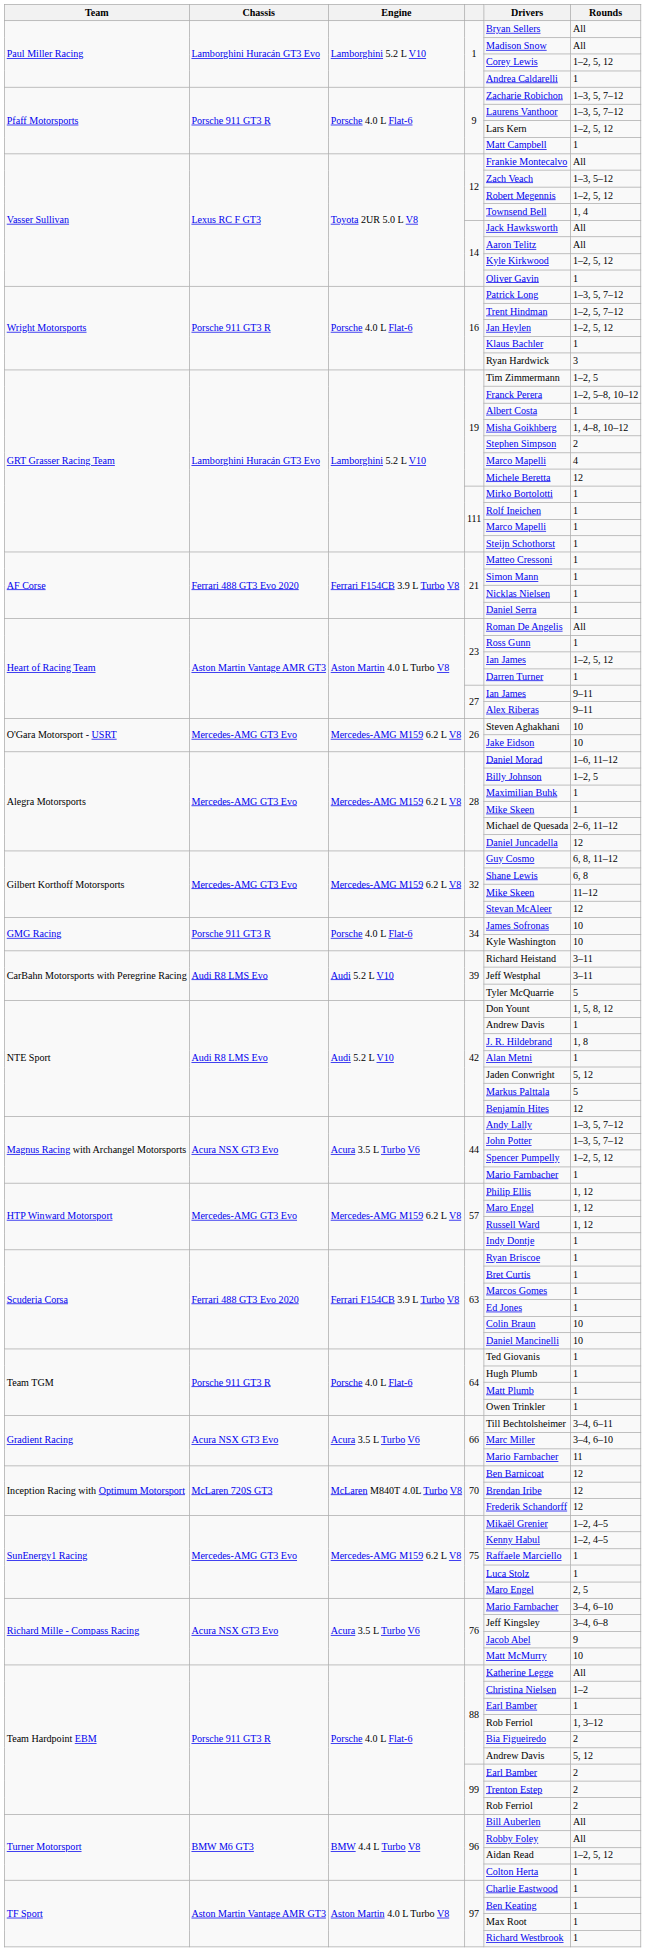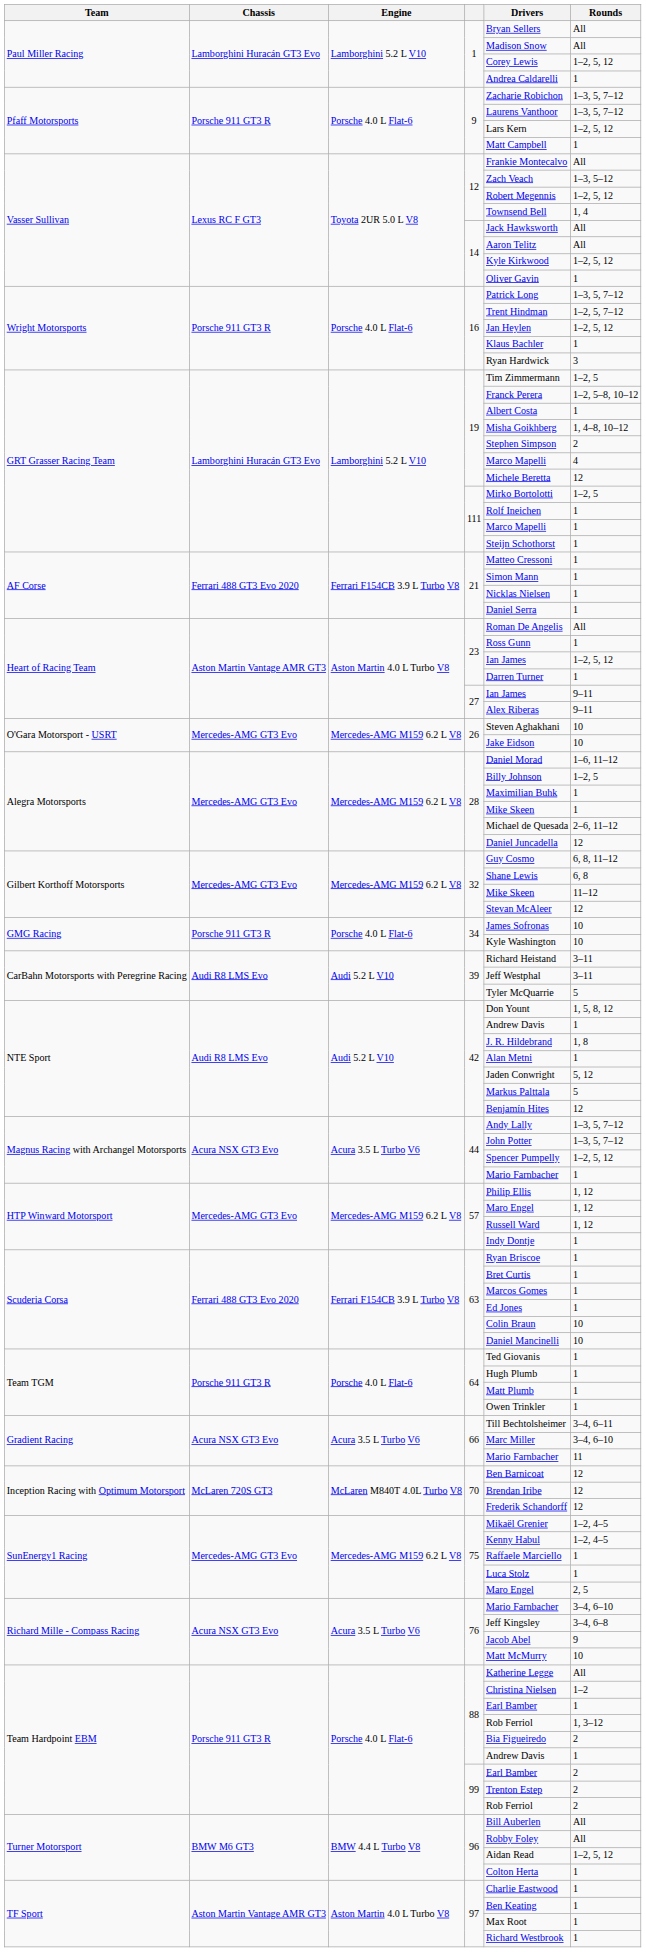 <table class="wikitable" style="font-size: 85%">
 <tr>
 <th>Team</th>
 <th>Chassis</th>
 <th>Engine</th>
 <th></th>
 <th>Drivers</th>
 <th>Rounds</th>
 </tr>
 <tr>
 <td rowspan="4"> <a href='#'>Paul Miller Racing</a></td>
 <td rowspan="4"><a href='#'>Lamborghini Huracán GT3 Evo</a></td>
 <td rowspan="4"><a href='#'>Lamborghini</a> 5.2 L <a href='#'>V10</a></td>
 <td rowspan=4 align="center">1</td>
 <td> <a href='#'>Bryan Sellers</a></td>
 <td>All</td>
 </tr>
 <tr>
 <td> <a href='#'>Madison Snow</a></td>
 <td>All</td>
 </tr>
 <tr>
 <td> <a href='#'>Corey Lewis</a></td>
 <td>1–2, 5, 12</td>
 </tr>
 <tr>
 <td> <a href='#'>Andrea Caldarelli</a></td>
 <td>1</td>
 </tr>
 <tr>
 <td rowspan="4"> <a href='#'>Pfaff Motorsports</a></td>
 <td rowspan="4"><a href='#'>Porsche 911 GT3 R</a></td>
 <td rowspan="4"><a href='#'>Porsche</a> 4.0 L <a href='#'>Flat-6</a></td>
 <td rowspan=4 align="center">9</td>
 <td> <a href='#'>Zacharie Robichon</a></td>
 <td>1–3, 5, 7–12</td>
 </tr>
 <tr>
 <td> <a href='#'>Laurens Vanthoor</a></td>
 <td>1–3, 5, 7–12</td>
 </tr>
 <tr>
 <td> Lars Kern</td>
 <td>1–2, 5, 12</td>
 </tr>
 <tr>
 <td> <a href='#'>Matt Campbell</a></td>
 <td>1</td>
 </tr>
 <tr>
 <td rowspan="8"> <a href='#'>Vasser Sullivan</a></td>
 <td rowspan="8"><a href='#'>Lexus RC F GT3</a></td>
 <td rowspan="8"><a href='#'>Toyota</a> 2UR 5.0 L <a href='#'>V8</a></td>
 <td rowspan=4 align="center">12</td>
 <td> <a href='#'>Frankie Montecalvo</a></td>
 <td>All</td>
 </tr>
 <tr>
 <td> <a href='#'>Zach Veach</a></td>
 <td>1–3, 5–12</td>
 </tr>
 <tr>
 <td> <a href='#'>Robert Megennis</a></td>
 <td>1–2, 5, 12</td>
 </tr>
 <tr>
 <td> <a href='#'>Townsend Bell</a></td>
 <td>1, 4</td>
 </tr>
 <tr>
 <td rowspan=4 align="center">14</td>
 <td> <a href='#'>Jack Hawksworth</a></td>
 <td>All</td>
 </tr>
 <tr>
 <td> <a href='#'>Aaron Telitz</a></td>
 <td>All</td>
 </tr>
 <tr>
 <td> <a href='#'>Kyle Kirkwood</a></td>
 <td>1–2, 5, 12</td>
 </tr>
 <tr>
 <td> <a href='#'>Oliver Gavin</a></td>
 <td>1</td>
 </tr>
 <tr>
 <td rowspan="5"> <a href='#'>Wright Motorsports</a></td>
 <td rowspan="5"><a href='#'>Porsche 911 GT3 R</a></td>
 <td rowspan="5"><a href='#'>Porsche</a> 4.0 L <a href='#'>Flat-6</a></td>
 <td rowspan=5 align="center">16</td>
 <td> <a href='#'>Patrick Long</a></td>
 <td>1–3, 5, 7–12</td>
 </tr>
 <tr>
 <td> <a href='#'>Trent Hindman</a></td>
 <td>1–2, 5, 7–12</td>
 </tr>
 <tr>
 <td> <a href='#'>Jan Heylen</a></td>
 <td>1–2, 5, 12</td>
 </tr>
 <tr>
 <td> <a href='#'>Klaus Bachler</a></td>
 <td>1</td>
 </tr>
 <tr>
 <td> Ryan Hardwick</td>
 <td>3</td>
 </tr>
 <tr>
 <td rowspan="11"> <a href='#'>GRT Grasser Racing Team</a></td>
 <td rowspan="11"><a href='#'>Lamborghini Huracán GT3 Evo</a></td>
 <td rowspan="11"><a href='#'>Lamborghini</a> 5.2 L <a href='#'>V10</a></td>
 <td rowspan=7 align="center">19</td>
 <td> Tim Zimmermann</td>
 <td>1–2, 5</td>
 </tr>
 <tr>
 <td> <a href='#'>Franck Perera</a></td>
 <td>1–2, 5–8, 10–12</td>
 </tr>
 <tr>
 <td> <a href='#'>Albert Costa</a></td>
 <td>1</td>
 </tr>
 <tr>
 <td> <a href='#'>Misha Goikhberg</a></td>
 <td>1, 4–8, 10–12</td>
 </tr>
 <tr>
 <td> <a href='#'>Stephen Simpson</a></td>
 <td>2</td>
 </tr>
 <tr>
 <td> <a href='#'>Marco Mapelli</a></td>
 <td>4</td>
 </tr>
 <tr>
 <td> <a href='#'>Michele Beretta</a></td>
 <td>12</td>
 </tr>
 <tr>
 <td rowspan="4" align="center">111</td>
 <td> <a href='#'>Mirko Bortolotti</a></td>
-<td>1</td>
+<td>1–2, 5</td>
 </tr>
 <tr>
 <td> <a href='#'>Rolf Ineichen</a></td>
 <td>1</td>
 </tr>
 <tr>
 <td> <a href='#'>Marco Mapelli</a></td>
 <td>1</td>
 </tr>
 <tr>
 <td> <a href='#'>Steijn Schothorst</a></td>
 <td>1</td>
 </tr>
 <tr>
 <td rowspan="4"> <a href='#'>AF Corse</a></td>
 <td rowspan="4"><a href='#'>Ferrari 488 GT3 Evo 2020</a></td>
 <td rowspan="4"><a href='#'>Ferrari F154CB</a> 3.9 L <a href='#'>Turbo</a> <a href='#'>V8</a></td>
 <td rowspan="4" align="center">21</td>
 <td> <a href='#'>Matteo Cressoni</a></td>
 <td>1</td>
 </tr>
 <tr>
 <td> <a href='#'>Simon Mann</a></td>
 <td>1</td>
 </tr>
 <tr>
 <td> <a href='#'>Nicklas Nielsen</a></td>
 <td>1</td>
 </tr>
 <tr>
 <td> <a href='#'>Daniel Serra</a></td>
 <td>1</td>
 </tr>
 <tr>
 <td rowspan=6> <a href='#'>Heart of Racing Team</a></td>
 <td rowspan=6><a href='#'>Aston Martin Vantage AMR GT3</a></td>
 <td rowspan=6><a href='#'>Aston Martin</a> 4.0 L Turbo <a href='#'>V8</a></td>
 <td rowspan=4 align="center">23</td>
 <td> <a href='#'>Roman De Angelis</a></td>
 <td>All</td>
 </tr>
 <tr>
 <td> <a href='#'>Ross Gunn</a></td>
 <td>1</td>
 </tr>
 <tr>
 <td> <a href='#'>Ian James</a></td>
 <td>1–2, 5, 12</td>
 </tr>
 <tr>
 <td> <a href='#'>Darren Turner</a></td>
 <td>1</td>
 </tr>
 <tr>
 <td rowspan=2 align="center">27</td>
 <td> <a href='#'>Ian James</a></td>
 <td>9–11</td>
 </tr>
 <tr>
 <td> <a href='#'>Alex Riberas</a></td>
 <td>9–11</td>
 </tr>
 <tr>
 <td rowspan="2"> O'Gara Motorsport - <a href='#'>USRT</a></td>
 <td rowspan="2"><a href='#'>Mercedes-AMG GT3 Evo</a></td>
 <td rowspan="2"><a href='#'>Mercedes-AMG M159</a> 6.2 L <a href='#'>V8</a></td>
 <td rowspan="2" align="center">26</td>
 <td> Steven Aghakhani</td>
 <td>10</td>
 </tr>
 <tr>
 <td> <a href='#'>Jake Eidson</a></td>
 <td>10</td>
 </tr>
 <tr>
 <td rowspan="6"> Alegra Motorsports</td>
 <td rowspan="6"><a href='#'>Mercedes-AMG GT3 Evo</a></td>
 <td rowspan="6"><a href='#'>Mercedes-AMG M159</a> 6.2 L <a href='#'>V8</a></td>
 <td rowspan=6 align="center">28</td>
 <td> <a href='#'>Daniel Morad</a></td>
 <td>1–6, 11–12</td>
 </tr>
 <tr>
 <td> <a href='#'>Billy Johnson</a></td>
 <td>1–2, 5</td>
 </tr>
 <tr>
 <td> <a href='#'>Maximilian Buhk</a></td>
 <td>1</td>
 </tr>
 <tr>
 <td> <a href='#'>Mike Skeen</a></td>
 <td>1</td>
 </tr>
 <tr>
 <td> Michael de Quesada</td>
 <td>2–6, 11–12</td>
 </tr>
 <tr>
 <td> <a href='#'>Daniel Juncadella</a></td>
 <td>12</td>
 </tr>
 <tr>
 <td rowspan="4"> Gilbert Korthoff Motorsports</td>
 <td rowspan="4"><a href='#'>Mercedes-AMG GT3 Evo</a></td>
 <td rowspan="4"><a href='#'>Mercedes-AMG M159</a> 6.2 L <a href='#'>V8</a></td>
 <td rowspan="4" align="center">32</td>
 <td> <a href='#'>Guy Cosmo</a></td>
 <td>6, 8, 11–12</td>
 </tr>
 <tr>
 <td> <a href='#'>Shane Lewis</a></td>
 <td>6, 8</td>
 </tr>
 <tr>
 <td> <a href='#'>Mike Skeen</a></td>
 <td>11–12</td>
 </tr>
 <tr>
 <td> <a href='#'>Stevan McAleer</a></td>
 <td>12</td>
 </tr>
 <tr>
 <td rowspan="2"> <a href='#'>GMG Racing</a></td>
 <td rowspan="2"><a href='#'>Porsche 911 GT3 R</a></td>
 <td rowspan="2"><a href='#'>Porsche</a> 4.0 L <a href='#'>Flat-6</a></td>
 <td rowspan="2" align="center">34</td>
 <td> <a href='#'>James Sofronas</a></td>
 <td>10</td>
 </tr>
 <tr>
 <td> Kyle Washington</td>
 <td>10</td>
 </tr>
 <tr>
 <td rowspan="3"> CarBahn Motorsports with Peregrine Racing</td>
 <td rowspan="3"><a href='#'>Audi R8 LMS Evo</a></td>
 <td rowspan="3"><a href='#'>Audi</a> 5.2 L <a href='#'>V10</a></td>
 <td rowspan="3" align="center">39</td>
 <td> Richard Heistand</td>
 <td>3–11</td>
 </tr>
 <tr>
 <td> Jeff Westphal</td>
 <td>3–11</td>
 </tr>
 <tr>
 <td> Tyler McQuarrie</td>
 <td>5</td>
 </tr>
 <tr>
 <td rowspan="7"> NTE Sport</td>
 <td rowspan="7"><a href='#'>Audi R8 LMS Evo</a></td>
 <td rowspan="7"><a href='#'>Audi</a> 5.2 L <a href='#'>V10</a></td>
 <td rowspan="7" align="center">42</td>
 <td> Don Yount</td>
 <td>1, 5, 8, 12</td>
 </tr>
 <tr>
 <td> Andrew Davis</td>
 <td>1</td>
 </tr>
 <tr>
 <td> <a href='#'>J. R. Hildebrand</a></td>
 <td>1, 8</td>
 </tr>
 <tr>
 <td> <a href='#'>Alan Metni</a></td>
 <td>1</td>
 </tr>
 <tr>
 <td> Jaden Conwright</td>
 <td>5, 12</td>
 </tr>
 <tr>
 <td> <a href='#'>Markus Palttala</a></td>
 <td>5</td>
 </tr>
 <tr>
 <td> <a href='#'>Benjamín Hites</a></td>
 <td>12</td>
 </tr>
 <tr>
 <td rowspan="4"> <a href='#'>Magnus Racing</a> with Archangel Motorsports</td>
 <td rowspan="4"><a href='#'>Acura NSX GT3 Evo</a></td>
 <td rowspan="4"><a href='#'>Acura</a> 3.5 L <a href='#'>Turbo</a> <a href='#'>V6</a></td>
 <td rowspan=4 align="center">44</td>
 <td> <a href='#'>Andy Lally</a></td>
 <td>1–3, 5, 7–12</td>
 </tr>
 <tr>
 <td> <a href='#'>John Potter</a></td>
 <td>1–3, 5, 7–12</td>
 </tr>
 <tr>
 <td> <a href='#'>Spencer Pumpelly</a></td>
 <td>1–2, 5, 12</td>
 </tr>
 <tr>
 <td> <a href='#'>Mario Farnbacher</a></td>
 <td>1</td>
 </tr>
 <tr>
 <td rowspan="4"> <a href='#'>HTP Winward Motorsport</a></td>
 <td rowspan="4"><a href='#'>Mercedes-AMG GT3 Evo</a></td>
 <td rowspan="4"><a href='#'>Mercedes-AMG M159</a> 6.2 L <a href='#'>V8</a></td>
 <td rowspan="4" align="center">57</td>
 <td> <a href='#'>Philip Ellis</a></td>
 <td>1, 12</td>
 </tr>
 <tr>
 <td> <a href='#'>Maro Engel</a></td>
 <td>1, 12</td>
 </tr>
 <tr>
 <td> <a href='#'>Russell Ward</a></td>
 <td>1, 12</td>
 </tr>
 <tr>
 <td> <a href='#'>Indy Dontje</a></td>
 <td>1</td>
 </tr>
 <tr>
 <td rowspan=6> <a href='#'>Scuderia Corsa</a></td>
 <td rowspan=6><a href='#'>Ferrari 488 GT3 Evo 2020</a></td>
 <td rowspan=6><a href='#'>Ferrari F154CB</a> 3.9 L <a href='#'>Turbo</a> <a href='#'>V8</a></td>
 <td rowspan=6 align="center">63</td>
 <td> <a href='#'>Ryan Briscoe</a></td>
 <td>1</td>
 </tr>
 <tr>
 <td> <a href='#'>Bret Curtis</a></td>
 <td>1</td>
 </tr>
 <tr>
 <td> <a href='#'>Marcos Gomes</a></td>
 <td>1</td>
 </tr>
 <tr>
 <td> <a href='#'>Ed Jones</a></td>
 <td>1</td>
 </tr>
 <tr>
 <td> <a href='#'>Colin Braun</a></td>
 <td>10</td>
 </tr>
 <tr>
 <td> <a href='#'>Daniel Mancinelli</a></td>
 <td>10</td>
 </tr>
 <tr>
 <td rowspan=4> Team TGM</td>
 <td rowspan=4><a href='#'>Porsche 911 GT3 R</a></td>
 <td rowspan=4><a href='#'>Porsche</a> 4.0 L <a href='#'>Flat-6</a></td>
 <td rowspan=4 align="center">64</td>
 <td> Ted Giovanis</td>
 <td>1</td>
 </tr>
 <tr>
 <td> Hugh Plumb</td>
 <td>1</td>
 </tr>
 <tr>
 <td> <a href='#'>Matt Plumb</a></td>
 <td>1</td>
 </tr>
 <tr>
 <td> Owen Trinkler</td>
 <td>1</td>
 </tr>
 <tr>
 <td rowspan="3"> <a href='#'>Gradient Racing</a></td>
 <td rowspan="3"><a href='#'>Acura NSX GT3 Evo</a></td>
 <td rowspan="3"><a href='#'>Acura</a> 3.5 L <a href='#'>Turbo</a> <a href='#'>V6</a></td>
 <td rowspan="3" align="center">66</td>
 <td> Till Bechtolsheimer</td>
 <td>3–4, 6–11</td>
 </tr>
 <tr>
 <td> <a href='#'>Marc Miller</a></td>
 <td>3–4, 6–10</td>
 </tr>
 <tr>
 <td> <a href='#'>Mario Farnbacher</a></td>
 <td>11</td>
 </tr>
 <tr>
 <td rowspan="3"> Inception Racing with <a href='#'>Optimum Motorsport</a></td>
 <td rowspan="3"><a href='#'>McLaren 720S GT3</a></td>
 <td rowspan="3"><a href='#'>McLaren</a> M840T 4.0L <a href='#'>Turbo</a> <a href='#'>V8</a></td>
 <td rowspan="3" align="center">70</td>
 <td> <a href='#'>Ben Barnicoat</a></td>
 <td>12</td>
 </tr>
 <tr>
 <td> <a href='#'>Brendan Iribe</a></td>
 <td>12</td>
 </tr>
 <tr>
 <td> <a href='#'>Frederik Schandorff</a></td>
 <td>12</td>
 </tr>
 <tr>
 <td rowspan="5"> <a href='#'>SunEnergy1 Racing</a></td>
 <td rowspan="5"><a href='#'>Mercedes-AMG GT3 Evo</a></td>
 <td rowspan="5"><a href='#'>Mercedes-AMG M159</a> 6.2 L <a href='#'>V8</a></td>
 <td rowspan="5" align="center">75</td>
 <td> <a href='#'>Mikaël Grenier</a></td>
 <td>1–2, 4–5</td>
 </tr>
 <tr>
 <td> <a href='#'>Kenny Habul</a></td>
 <td>1–2, 4–5</td>
 </tr>
 <tr>
 <td> <a href='#'>Raffaele Marciello</a></td>
 <td>1</td>
 </tr>
 <tr>
 <td> <a href='#'>Luca Stolz</a></td>
 <td>1</td>
 </tr>
 <tr>
 <td> <a href='#'>Maro Engel</a></td>
 <td>2, 5</td>
 </tr>
 <tr>
 <td rowspan="4"> <a href='#'>Richard Mille - Compass Racing</a></td>
 <td rowspan="4"><a href='#'>Acura NSX GT3 Evo</a></td>
 <td rowspan="4"><a href='#'>Acura</a> 3.5 L <a href='#'>Turbo</a> <a href='#'>V6</a></td>
 <td rowspan="4" align="center">76</td>
 <td> <a href='#'>Mario Farnbacher</a></td>
 <td>3–4, 6–10</td>
 </tr>
 <tr>
 <td> Jeff Kingsley</td>
 <td>3–4, 6–8</td>
 </tr>
 <tr>
 <td> <a href='#'>Jacob Abel</a></td>
 <td>9</td>
 </tr>
 <tr>
 <td> <a href='#'>Matt McMurry</a></td>
 <td>10</td>
 </tr>
 <tr>
 <td rowspan="9"> Team Hardpoint <a href='#'>EBM</a></td>
 <td rowspan="9"><a href='#'>Porsche 911 GT3 R</a></td>
 <td rowspan="9"><a href='#'>Porsche</a> 4.0 L <a href='#'>Flat-6</a></td>
 <td rowspan="6" align="center">88</td>
 <td> <a href='#'>Katherine Legge</a></td>
 <td>All</td>
 </tr>
 <tr>
 <td> <a href='#'>Christina Nielsen</a></td>
 <td>1–2</td>
 </tr>
 <tr>
 <td> <a href='#'>Earl Bamber</a></td>
 <td>1</td>
 </tr>
 <tr>
 <td> Rob Ferriol</td>
 <td>1, 3–12</td>
 </tr>
 <tr>
 <td> <a href='#'>Bia Figueiredo</a></td>
 <td>2</td>
 </tr>
 <tr>
 <td> Andrew Davis</td>
-<td>5, 12</td>
+<td>1</td>
 </tr>
 <tr>
 <td rowspan="3" align="center">99</td>
 <td> <a href='#'>Earl Bamber</a></td>
 <td>2</td>
 </tr>
 <tr>
 <td> <a href='#'>Trenton Estep</a></td>
 <td>2</td>
 </tr>
 <tr>
 <td> Rob Ferriol</td>
 <td>2</td>
 </tr>
 <tr>
 <td rowspan="4"> <a href='#'>Turner Motorsport</a></td>
 <td rowspan="4"><a href='#'>BMW M6 GT3</a></td>
 <td rowspan="4"><a href='#'>BMW</a> 4.4 L <a href='#'>Turbo</a> <a href='#'>V8</a></td>
 <td rowspan="4" align="center">96</td>
 <td> <a href='#'>Bill Auberlen</a></td>
 <td>All</td>
 </tr>
 <tr>
 <td> <a href='#'>Robby Foley</a></td>
 <td>All</td>
 </tr>
 <tr>
 <td> Aidan Read</td>
 <td>1–2, 5, 12</td>
 </tr>
 <tr>
 <td> <a href='#'>Colton Herta</a></td>
 <td>1</td>
 </tr>
 <tr>
 <td rowspan=4> <a href='#'>TF Sport</a></td>
 <td rowspan=4><a href='#'>Aston Martin Vantage AMR GT3</a></td>
 <td rowspan=4><a href='#'>Aston Martin</a> 4.0 L Turbo <a href='#'>V8</a></td>
 <td rowspan=4 align="center">97</td>
 <td> <a href='#'>Charlie Eastwood</a></td>
 <td>1</td>
 </tr>
 <tr>
 <td> <a href='#'>Ben Keating</a></td>
 <td>1</td>
 </tr>
 <tr>
 <td> Max Root</td>
 <td>1</td>
 </tr>
 <tr>
 <td> <a href='#'>Richard Westbrook</a></td>
 <td>1</td>
 </tr>
 </table>
